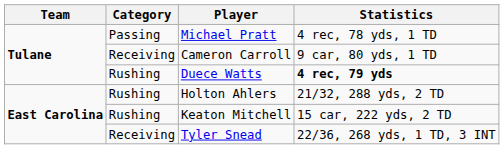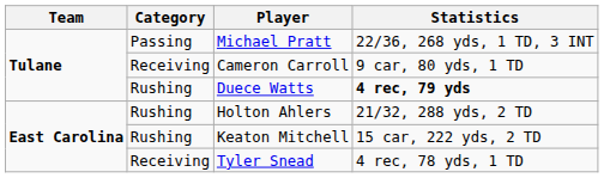 <table class="wikitable" style="float: left;">
 <tr>
 <th>Team</th>
 <th>Category</th>
 <th>Player</th>
 <th>Statistics</th>
 </tr>
 <tr>
 <td rowspan=3><strong>Tulane</strong></td>
 <td>Passing</td>
 <td><a href='#'>Michael Pratt</a></td>
-<td>4 rec, 78 yds, 1 TD</td>
+<td>22/36, 268 yds, 1 TD, 3 INT</td>
 </tr>
 <tr>
 <td>Receiving</td>
 <td>Cameron Carroll</td>
 <td>9 car, 80 yds, 1 TD</td>
 </tr>
 <tr>
 <td>Rushing</td>
 <td><a href='#'>Duece Watts</a></td>
 <td><strong>4 rec, 79 yds</strong></td>
 </tr>
 <tr>
 <td rowspan=3><strong>East Carolina</strong></td>
 <td>Rushing</td>
 <td>Holton Ahlers</td>
 <td>21/32, 288 yds, 2 TD</td>
 </tr>
 <tr>
 <td>Rushing</td>
 <td>Keaton Mitchell</td>
 <td>15 car, 222 yds, 2 TD</td>
 </tr>
 <tr>
 <td>Receiving</td>
 <td><a href='#'>Tyler Snead</a></td>
-<td>22/36, 268 yds, 1 TD, 3 INT</td>
+<td>4 rec, 78 yds, 1 TD</td>
 </tr>
 </table>
